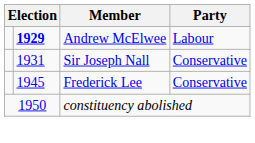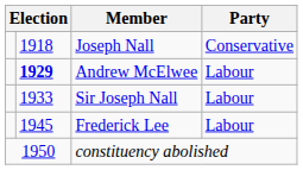 <table class="wikitable">
 <tr>
 <th colspan="2">Election</th>
 <th>Member</th>
 <th>Party</th>
+</tr>
+<tr>
+<td style="color:inherit;background-color: "></td>
+<td><a href='#'>1918</a></td>
+<td><a href='#'>Joseph Nall</a></td>
+<td><a href='#'>Conservative</a></td>
 </tr>
 <tr>
 <td style="color:inherit;background-color: "></td>
 <td><strong><a href='#'>1929</a></strong></td>
 <td><a href='#'>Andrew McElwee</a></td>
 <td><a href='#'>Labour</a></td>
 </tr>
 <tr>
 <td style="color:inherit;background-color: "></td>
-<td><a href='#'>1931</a></td>
+<td><a href='#'>1933</a></td>
 <td><a href='#'>Sir Joseph Nall</a></td>
-<td><a href='#'>Conservative</a></td>
+<td><a href='#'>Labour</a></td>
 </tr>
 <tr>
 <td style="color:inherit;background-color: "></td>
 <td><a href='#'>1945</a></td>
 <td><a href='#'>Frederick Lee</a></td>
-<td><a href='#'>Conservative</a></td>
+<td><a href='#'>Labour</a></td>
 </tr>
 <tr>
 <td colspan=2 align="center"><a href='#'>1950</a></td>
 <td colspan="2"><em>constituency abolished</em></td>
 </tr>
 </table>
